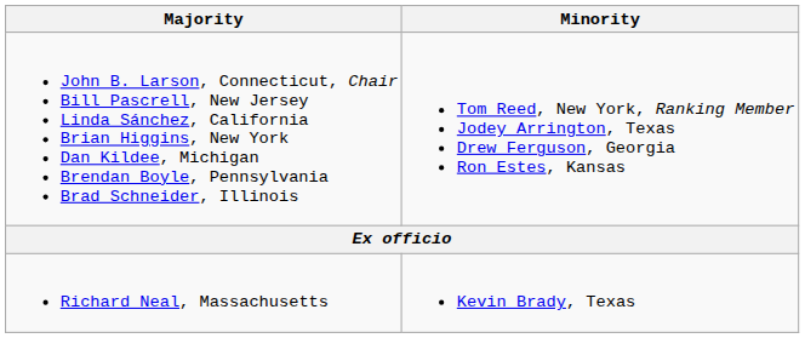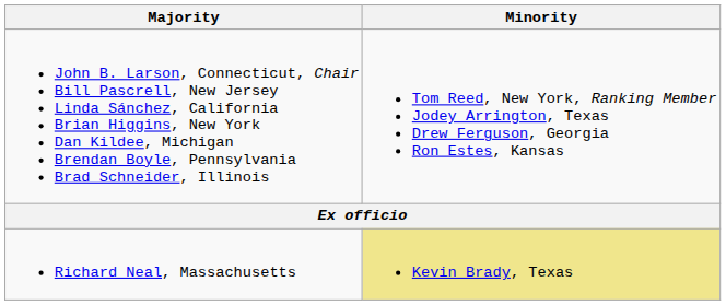 <table class=wikitable>
 <tr>
 <th>Majority</th>
 <th>Minority</th>
 </tr>
 <tr>
 <td><br><ul><li><a href='#'>John B. Larson</a>, Connecticut, <em>Chair</em></li><li><a href='#'>Bill Pascrell</a>, New Jersey</li><li><a href='#'>Linda Sánchez</a>, California</li><li><a href='#'>Brian Higgins</a>, New York</li><li><a href='#'>Dan Kildee</a>, Michigan</li><li><a href='#'>Brendan Boyle</a>, Pennsylvania</li><li><a href='#'>Brad Schneider</a>, Illinois</li></ul></td>
 <td><br><ul><li><a href='#'>Tom Reed</a>, New York, <em>Ranking Member</em></li><li><a href='#'>Jodey Arrington</a>, Texas</li><li><a href='#'>Drew Ferguson</a>, Georgia</li><li><a href='#'>Ron Estes</a>, Kansas</li></ul></td>
 </tr>
 <tr>
 <th colspan=2><em>Ex officio</em></th>
 </tr>
 <tr>
 <td><br><ul><li><a href='#'>Richard Neal</a>, Massachusetts</li></ul></td>
-<td><br><ul><li><a href='#'>Kevin Brady</a>, Texas</li></ul></td>
+<td style="background: khaki;"><br><ul><li><a href='#'>Kevin Brady</a>, Texas</li></ul></td>
 </tr>
 </table>
